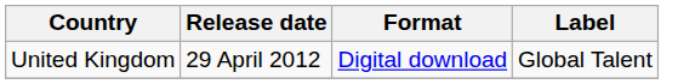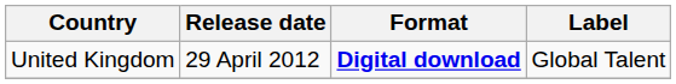 <table class="wikitable plainrowheaders">
 <tr>
 <th scope="col">Country</th>
 <th scope="col">Release date</th>
 <th scope="col">Format</th>
 <th scope="col">Label</th>
 </tr>
 <tr>
 <td>United Kingdom</td>
 <td>29 April 2012</td>
-<td><a href='#'>Digital download</a></td>
+<td><strong><a href='#'>Digital download</a></strong></td>
 <td>Global Talent</td>
 </tr>
 <tr>
 </tr>
 </table>
